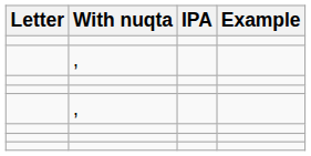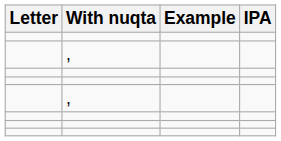 <table class="wikitable" align="right">
 <tr>
 <th>Letter</th>
 <th>With nuqta</th>
+<th>Example</th>
 <th>IPA</th>
-<th>Example</th>
 </tr>
 <tr>
 <td></td>
 <td></td>
 <td></td>
 <td></td>
 </tr>
 <tr>
 <td></td>
 <td>, </td>
 <td></td>
 <td></td>
 </tr>
 <tr>
 <td></td>
 <td></td>
 <td></td>
 <td></td>
 </tr>
 <tr>
 <td></td>
 <td></td>
 <td></td>
 <td></td>
 </tr>
 <tr>
 <td></td>
 <td>, </td>
 <td></td>
 <td></td>
 </tr>
 <tr>
 <td></td>
 <td></td>
 <td></td>
 <td></td>
 </tr>
 <tr>
 <td></td>
 <td></td>
 <td></td>
 <td></td>
 </tr>
 <tr>
 <td></td>
 <td></td>
 <td></td>
 <td></td>
 </tr>
 </table>
